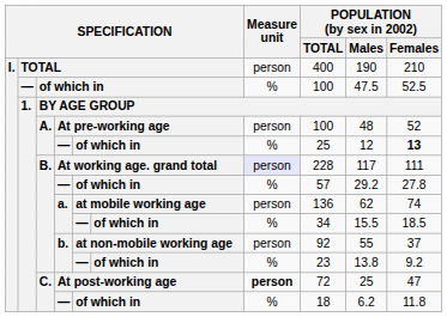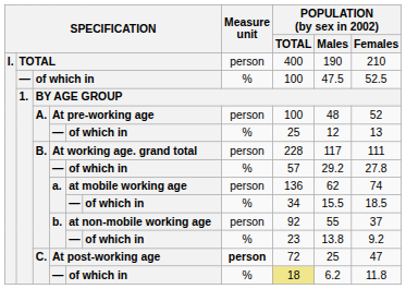 <table class="wikitable" style="font-size:85%; text-align:center">
 <tr>
 <th rowspan="2" colspan="6">SPECIFICATION</th>
 <th rowspan="2">Measure<br> unit</th>
 <th colspan="3" rowspan="1">POPULATION<br> (by sex in 2002)</th>
 </tr>
 <tr>
 <th>TOTAL</th>
 <th>Males</th>
 <th>Females</th>
 </tr>
 <tr>
 <th style="text-align:left" valign="top" rowspan="13">I.</th>
 <th style="text-align:left" colspan="5">TOTAL</th>
 <td>person</td>
 <td>400</td>
 <td>190</td>
 <td>210</td>
 </tr>
 <tr>
 <th style="text-align:left" valign="top">—</th>
 <th style="text-align:left" colspan="4">of which in</th>
 <td>%</td>
 <td>100</td>
 <td>47.5</td>
 <td>52.5</td>
 </tr>
 <tr>
 <th style="text-align:left" valign="top" rowspan="11">1.</th>
 <th style="text-align:left" colspan="19">BY AGE GROUP</th>
 </tr>
 <tr>
 <th style="text-align:left" valign="top" rowspan="2">A.</th>
 <th style="text-align:left" colspan="3">At pre-working age</th>
 <td>person</td>
 <td>100</td>
 <td>48</td>
 <td>52</td>
 </tr>
 <tr>
 <th style="text-align:left" valign="top">—</th>
 <th style="text-align:left" valign="top" colspan="2">of which in</th>
 <td>%</td>
 <td>25</td>
 <td>12</td>
-<td><strong>13</strong></td>
+<td>13</td>
 </tr>
 <tr>
 <th style="text-align:left" valign="top" rowspan="6">B.</th>
 <th style="text-align:left" colspan="3">At working age. grand total</th>
-<td style="background: lavender;">person</td>
+<td>person</td>
 <td>228</td>
 <td>117</td>
 <td>111</td>
 </tr>
 <tr>
 <th style="text-align:left" valign="top">—</th>
 <th style="text-align:left" valign="top" colspan="2">of which in</th>
 <td>%</td>
 <td>57</td>
 <td>29.2</td>
 <td>27.8</td>
 </tr>
 <tr>
 <th style="text-align:left" valign="top" rowspan="2">a.</th>
 <th style="text-align:left" colspan="2">at mobile working age</th>
 <td>person</td>
 <td>136</td>
 <td>62</td>
 <td>74</td>
 </tr>
 <tr>
 <th style="text-align:left" valign="top">—</th>
 <th style="text-align:left" valign="top" colspan="1">of which in                        </th>
 <td>%</td>
 <td>34</td>
 <td>15.5</td>
 <td>18.5</td>
 </tr>
 <tr>
 <th style="text-align:left" valign="top" rowspan="2">b.</th>
 <th style="text-align:left" colspan="2">at non-mobile working age</th>
 <td>person</td>
 <td>92</td>
 <td>55</td>
 <td>37</td>
 </tr>
 <tr>
 <th style="text-align:left" valign="top">—</th>
 <th style="text-align:left" valign="top" colspan="1">of which in                        </th>
 <td>%</td>
 <td>23</td>
 <td>13.8</td>
 <td>9.2</td>
 </tr>
 <tr>
 <th style="text-align:left" valign="top" rowspan="2">C.</th>
 <th style="text-align:left" colspan="3">At post-working age</th>
 <td><strong>person</strong></td>
 <td>72</td>
 <td>25</td>
 <td>47</td>
 </tr>
 <tr>
 <th style="text-align:left" valign="top">—</th>
 <th style="text-align:left" valign="top" colspan="2">of which in</th>
 <td>%</td>
-<td>18</td>
+<td style="background: khaki;">18</td>
 <td>6.2</td>
 <td>11.8</td>
 </tr>
 </table>
